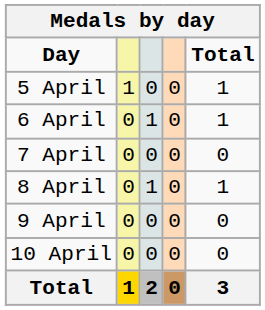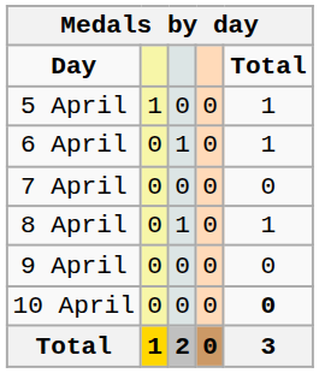 <table class="wikitable" style="font-size:85%;float:right;text-align:center">
 <tr>
 <th colspan=5>Medals by day</th>
 </tr>
 <tr align=center>
 <td><strong>Day</strong></td>
 <td bgcolor=#f7f6a8></td>
 <td bgcolor=#dce5e5></td>
 <td bgcolor=#ffdab9></td>
 <td><strong>Total</strong></td>
 </tr>
 <tr align=centre>
 <td>5 April</td>
 <td bgcolor=#f7f6a8>1</td>
 <td bgcolor=#dce5e5>0</td>
 <td bgcolor=#ffdab9>0</td>
 <td>1</td>
 </tr>
 <tr align=center>
 <td>6 April</td>
 <td bgcolor=#f7f6a8>0</td>
 <td bgcolor=#dce5e5>1</td>
 <td bgcolor=#ffdab9>0</td>
 <td>1</td>
 </tr>
 <tr align=center>
 <td>7 April</td>
 <td bgcolor=#f7f6a8>0</td>
 <td bgcolor=#dce5e5>0</td>
 <td bgcolor=#ffdab9>0</td>
 <td>0</td>
 </tr>
 <tr align=center>
 <td>8 April</td>
 <td bgcolor=#f7f6a8>0</td>
 <td bgcolor=#dce5e5>1</td>
 <td bgcolor=#ffdab9>0</td>
 <td>1</td>
 </tr>
 <tr align=center>
 <td>9 April</td>
 <td bgcolor=#f7f6a8>0</td>
 <td bgcolor=#dce5e5>0</td>
 <td bgcolor=#ffdab9>0</td>
 <td>0</td>
 </tr>
 <tr align=center>
 <td>10 April</td>
 <td bgcolor=#f7f6a8>0</td>
 <td bgcolor=#dce5e5>0</td>
 <td bgcolor=#ffdab9>0</td>
-<td>0</td>
+<td><strong>0</strong></td>
 </tr>
 <tr align=center>
 <th bgcolor=#efefef>Total</th>
 <th style="background:gold;">1</th>
 <th style="background:silver;">2</th>
 <th style="background:#c96;">0</th>
 <th>3</th>
 </tr>
 </table>
